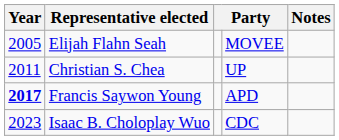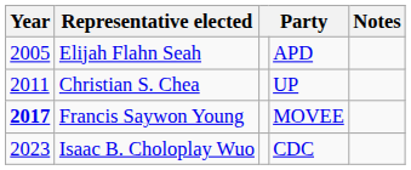 <table class="wikitable">
 <tr>
 <th>Year</th>
 <th>Representative elected</th>
 <th colspan=2>Party</th>
 <th>Notes</th>
 </tr>
 <tr>
 <td><a href='#'>2005</a></td>
 <td><a href='#'>Elijah Flahn Seah</a></td>
 <td></td>
-<td><a href='#'>MOVEE</a></td>
+<td><a href='#'>APD</a></td>
 <td></td>
 </tr>
 <tr>
 <td><a href='#'>2011</a></td>
 <td><a href='#'>Christian S. Chea</a></td>
 <td></td>
 <td><a href='#'>UP</a></td>
 <td></td>
 </tr>
 <tr>
 <td><strong><a href='#'>2017</a></strong></td>
 <td><a href='#'>Francis Saywon Young</a></td>
 <td></td>
-<td><a href='#'>APD</a></td>
+<td><a href='#'>MOVEE</a></td>
 <td></td>
 </tr>
 <tr>
 <td><a href='#'>2023</a></td>
 <td><a href='#'>Isaac B. Choloplay Wuo</a></td>
 <td></td>
 <td><a href='#'>CDC</a></td>
 <td></td>
 </tr>
 </table>
